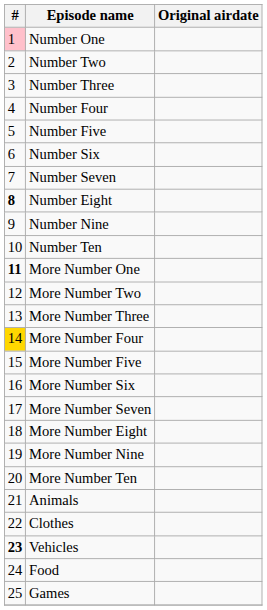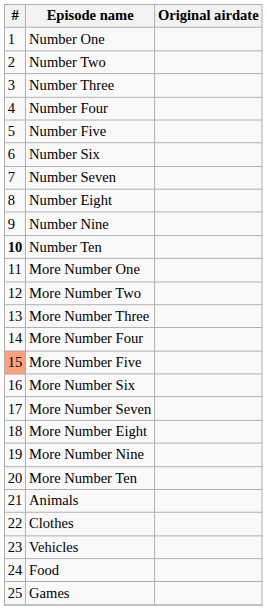 <table class="wikitable">
 <tr>
 <th>#</th>
 <th>Episode name</th>
 <th>Original airdate</th>
 </tr>
 <tr>
-<td style="background: pink;">1</td>
+<td>1</td>
 <td>Number One</td>
 <td></td>
 </tr>
 <tr>
 <td>2</td>
 <td>Number Two</td>
 <td></td>
 </tr>
 <tr>
 <td>3</td>
 <td>Number Three</td>
 <td></td>
 </tr>
 <tr>
 <td>4</td>
 <td>Number Four</td>
 <td></td>
 </tr>
 <tr>
 <td>5</td>
 <td>Number Five</td>
 <td></td>
 </tr>
 <tr>
 <td>6</td>
 <td>Number Six</td>
 <td></td>
 </tr>
 <tr>
 <td>7</td>
 <td>Number Seven</td>
 <td></td>
 </tr>
 <tr>
-<td><strong>8</strong></td>
+<td>8</td>
 <td>Number Eight</td>
 <td></td>
 </tr>
 <tr>
 <td>9</td>
 <td>Number Nine</td>
 <td></td>
 </tr>
 <tr>
-<td>10</td>
+<td><strong>10</strong></td>
 <td>Number Ten</td>
 <td></td>
 </tr>
 <tr>
-<td><strong>11</strong></td>
+<td>11</td>
 <td>More Number One</td>
 <td></td>
 </tr>
 <tr>
 <td>12</td>
 <td>More Number Two</td>
 <td></td>
 </tr>
 <tr>
 <td>13</td>
 <td>More Number Three</td>
 <td></td>
 </tr>
 <tr>
-<td style="background: gold;">14</td>
+<td>14</td>
 <td>More Number Four</td>
 <td></td>
 </tr>
 <tr>
-<td>15</td>
+<td style="background: lightsalmon;">15</td>
 <td>More Number Five</td>
 <td></td>
 </tr>
 <tr>
 <td>16</td>
 <td>More Number Six</td>
 <td></td>
 </tr>
 <tr>
 <td>17</td>
 <td>More Number Seven</td>
 <td></td>
 </tr>
 <tr>
 <td>18</td>
 <td>More Number Eight</td>
 <td></td>
 </tr>
 <tr>
 <td>19</td>
 <td>More Number Nine</td>
 <td></td>
 </tr>
 <tr>
 <td>20</td>
 <td>More Number Ten</td>
 <td></td>
 </tr>
 <tr>
 <td>21</td>
 <td>Animals</td>
 <td></td>
 </tr>
 <tr>
 <td>22</td>
 <td>Clothes</td>
 <td></td>
 </tr>
 <tr>
-<td><strong>23</strong></td>
+<td>23</td>
 <td>Vehicles</td>
 <td></td>
 </tr>
 <tr>
 <td>24</td>
 <td>Food</td>
 <td></td>
 </tr>
 <tr>
 <td>25</td>
 <td>Games</td>
 <td></td>
 </tr>
 <tr>
 </tr>
 </table>
